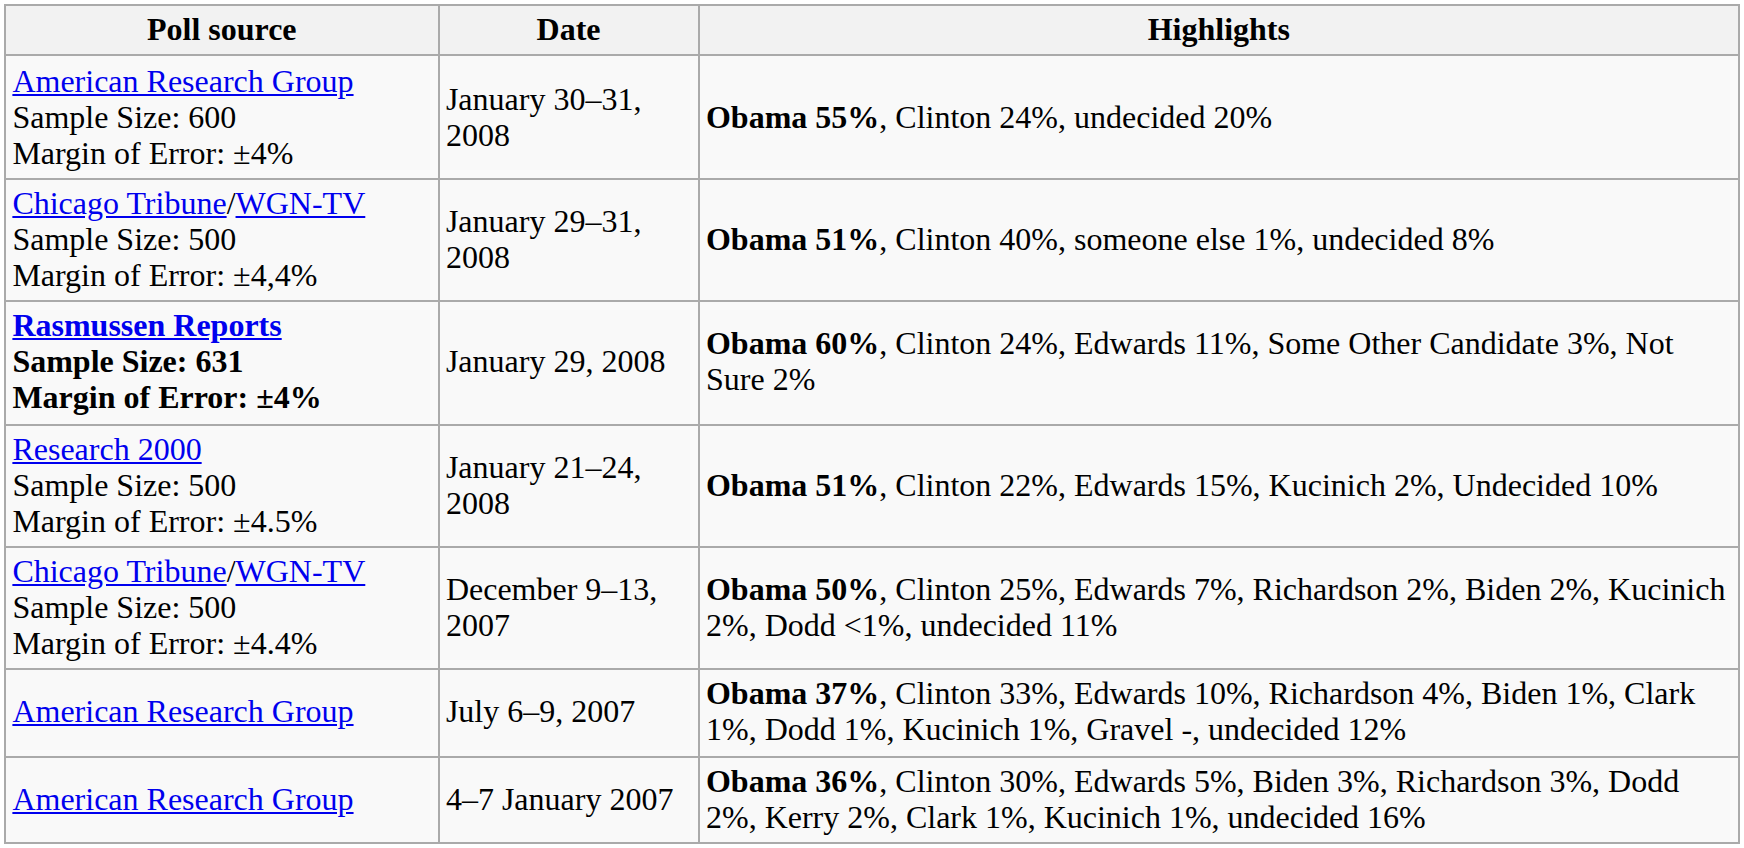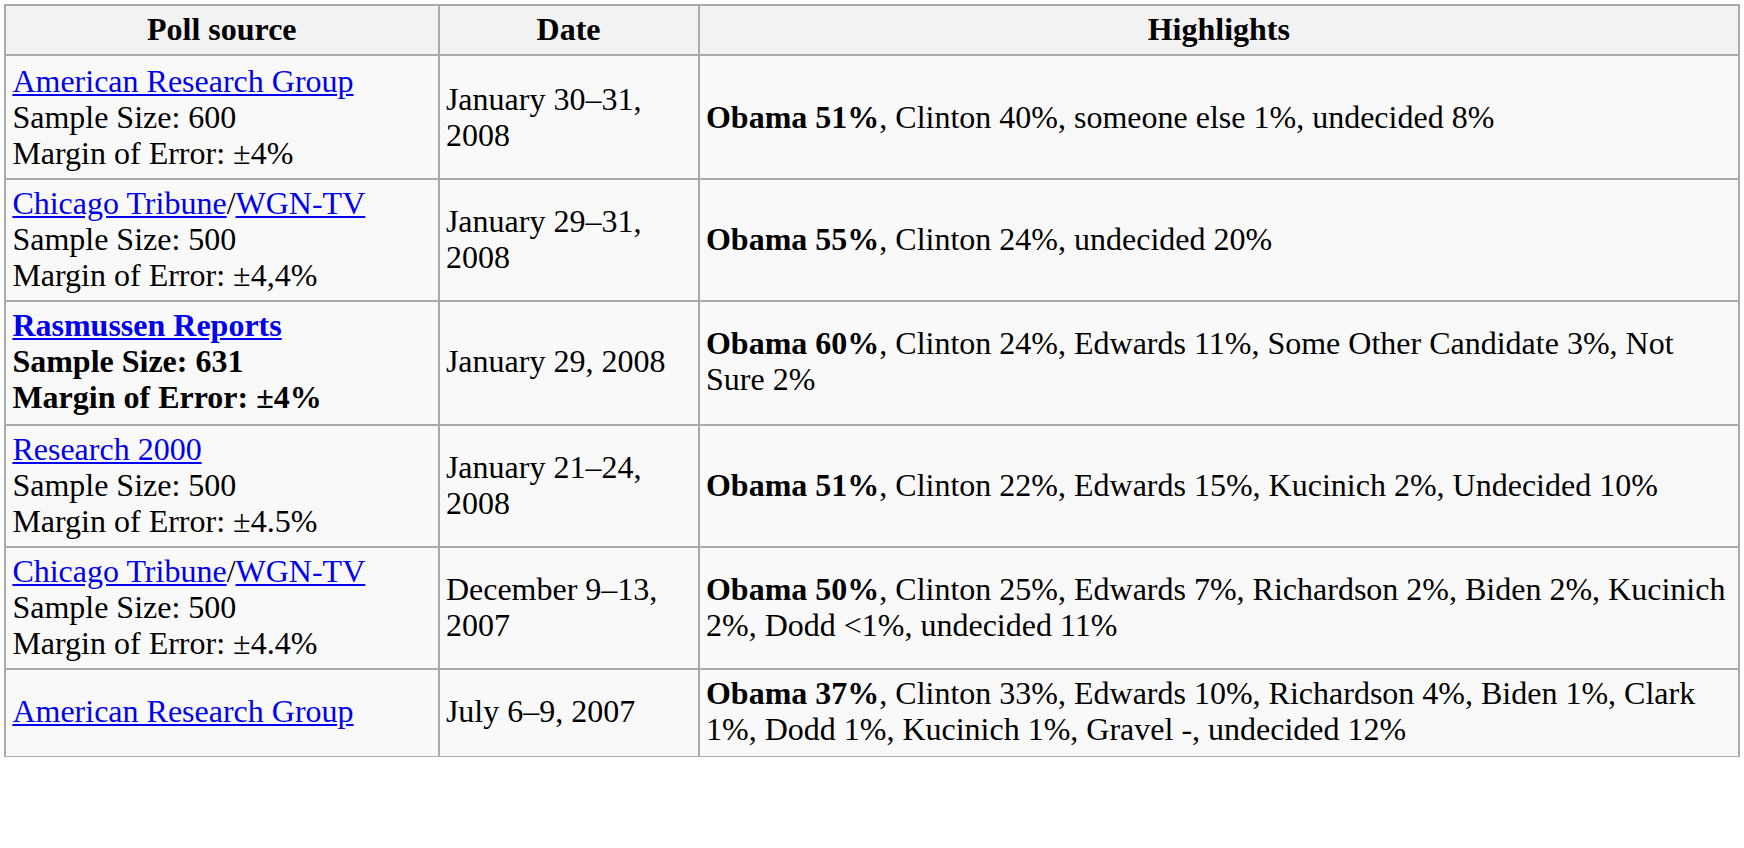 <table class="wikitable sortable">
 <tr>
 <th width="25%">Poll source</th>
 <th width="15%">Date</th>
 <th width="60%">Highlights</th>
 </tr>
 <tr>
 <td><a href='#'>American Research Group</a><br>Sample Size: 600<br> Margin of Error: ±4%</td>
 <td>January 30–31, 2008</td>
-<td><strong>Obama 55%</strong>, Clinton 24%, undecided 20%</td>
+<td><strong>Obama 51%</strong>, Clinton 40%, someone else 1%, undecided 8%</td>
 </tr>
 <tr>
 <td><a href='#'>Chicago Tribune</a>/<a href='#'>WGN-TV</a><br>Sample Size: 500<br> Margin of Error: ±4,4%</td>
 <td>January 29–31, 2008</td>
-<td><strong>Obama 51%</strong>, Clinton 40%, someone else 1%, undecided 8%</td>
+<td><strong>Obama 55%</strong>, Clinton 24%, undecided 20%</td>
 </tr>
 <tr>
 <td><strong><a href='#'>Rasmussen Reports</a><br>Sample Size: 631<br> Margin of Error: ±4%</strong></td>
 <td>January 29, 2008</td>
 <td><strong>Obama 60%</strong>, Clinton 24%, Edwards 11%, Some Other Candidate 3%, Not Sure 2%</td>
 </tr>
 <tr>
 <td><a href='#'>Research 2000</a><br>Sample Size: 500<br> Margin of Error: ±4.5%</td>
 <td>January 21–24, 2008</td>
 <td><strong>Obama 51%</strong>, Clinton 22%, Edwards 15%, Kucinich 2%, Undecided 10%</td>
 </tr>
 <tr>
 <td><a href='#'>Chicago Tribune</a>/<a href='#'>WGN-TV</a><br>Sample Size: 500<br> Margin of Error: ±4.4%</td>
 <td>December 9–13, 2007</td>
 <td><strong>Obama 50%</strong>, Clinton 25%, Edwards 7%, Richardson 2%, Biden 2%, Kucinich 2%, Dodd <1%, undecided 11%</td>
 </tr>
 <tr>
 <td><a href='#'>American Research Group</a></td>
 <td>July 6–9, 2007</td>
 <td><strong>Obama 37%</strong>, Clinton 33%, Edwards 10%, Richardson 4%, Biden 1%, Clark 1%, Dodd 1%, Kucinich 1%, Gravel -, undecided 12%</td>
 </tr>
-<tr>
-<td><a href='#'>American Research Group</a></td>
-<td>4–7 January 2007</td>
-<td><strong>Obama 36%</strong>, Clinton 30%, Edwards 5%, Biden 3%, Richardson 3%, Dodd 2%, Kerry 2%, Clark 1%, Kucinich 1%, undecided 16%</td>
-</tr>
 </table>
